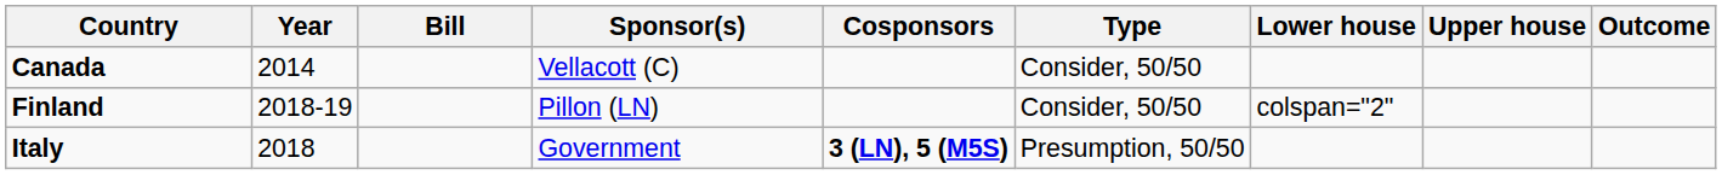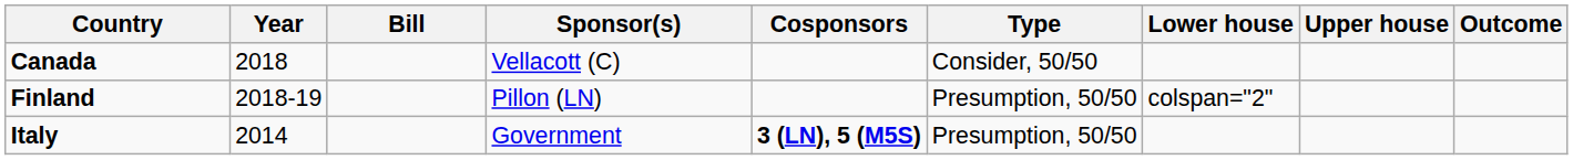 <table class="wikitable sortable" style="font-size:90%">
 <tr>
 <th style="width:130px">Country</th>
 <th>Year</th>
 <th class="unsortable" style="width:90px">Bill</th>
 <th style="width:155px">Sponsor(s)</th>
 <th>Cosponsors</th>
 <th>Type</th>
 <th class="unsortable">Lower house</th>
 <th class="unsortable">Upper house</th>
 <th>Outcome</th>
 </tr>
 <tr>
 <td><strong>Canada</strong></td>
-<td>2014</td>
+<td>2018</td>
 <td></td>
 <td><a href='#'>Vellacott</a> (C)</td>
 <td></td>
 <td>Consider, 50/50</td>
 <td></td>
 <td></td>
 <td></td>
 </tr>
 <tr>
 <td><strong>Finland</strong></td>
 <td>2018-19</td>
 <td></td>
 <td><a href='#'>Pillon</a> (<a href='#'>LN</a>)</td>
 <td></td>
-<td>Consider, 50/50</td>
+<td>Presumption, 50/50</td>
 <td>colspan="2" </td>
 <td></td>
 </tr>
 <tr>
 <td><strong>Italy</strong></td>
-<td>2018</td>
+<td>2014</td>
 <td></td>
 <td><a href='#'>Government</a></td>
 <td><strong>3 (<a href='#'>LN</a>), 5 (<a href='#'>M5S</a>)</strong></td>
 <td>Presumption, 50/50</td>
 <td></td>
 <td></td>
 <td></td>
 </tr>
 </table>
